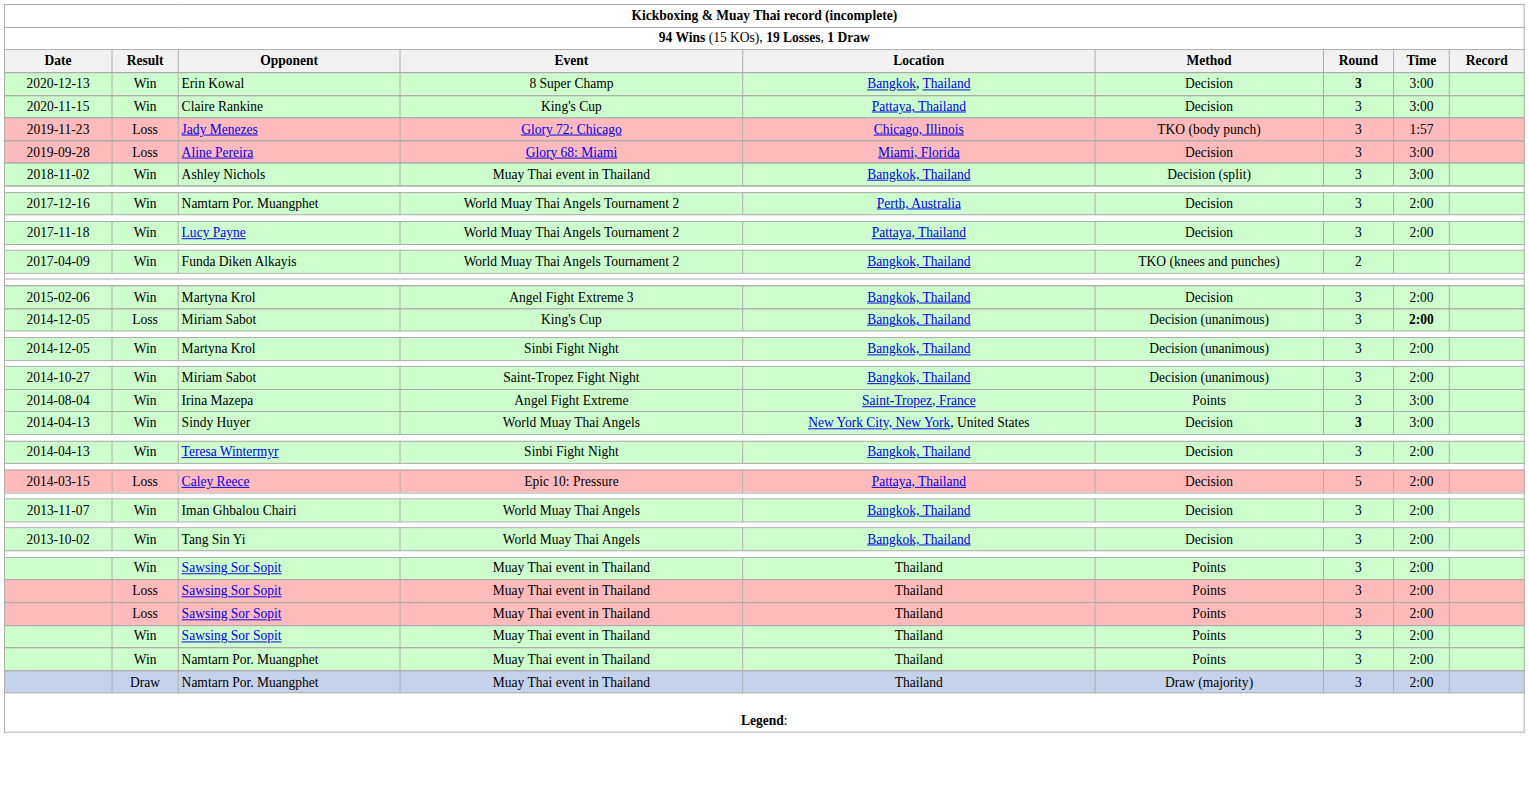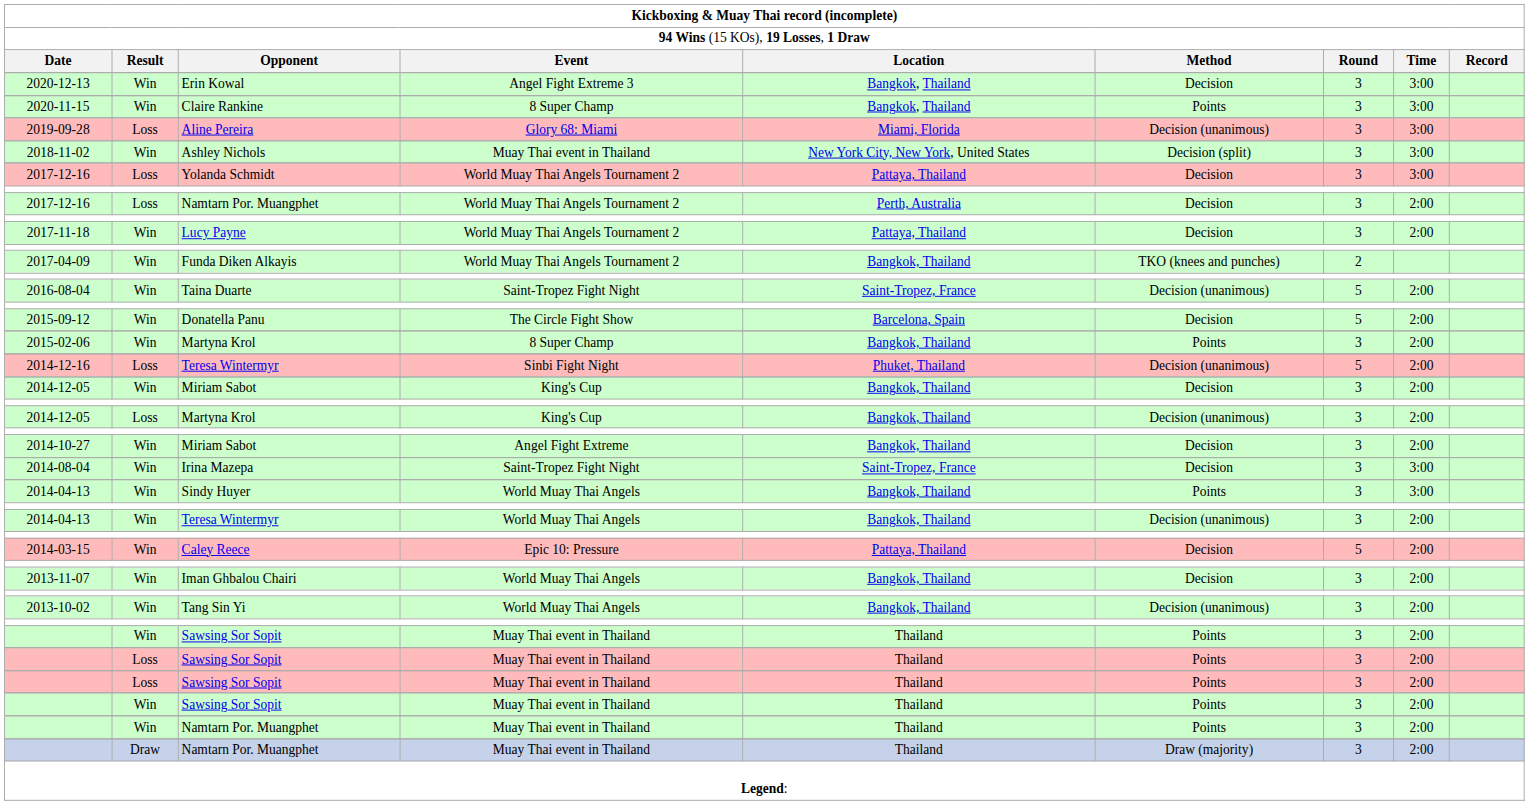 <table class="wikitable collapsible" style="font-size:88%; text-align:center; width:100%;">
 <tr>
 <th colspan=9 style="background:#fff">Kickboxing & Muay Thai record (incomplete)</th>
 </tr>
 <tr>
 <td colspan=9 style="background:#fff"><strong>94 Wins</strong> (15 KOs), <strong>19 Losses</strong>, <strong>1 Draw</strong></td>
 </tr>
 <tr>
 <th>Date</th>
 <th>Result</th>
 <th>Opponent</th>
 <th>Event</th>
 <th>Location</th>
 <th>Method</th>
 <th>Round</th>
 <th>Time</th>
 <th>Record</th>
 </tr>
 <tr>
 </tr>
 <tr style="text-align:center; background:#cfc;">
 <td>2020-12-13</td>
 <td>Win</td>
 <td align=left> Erin Kowal</td>
-<td>8 Super Champ</td>
+<td>Angel Fight Extreme 3</td>
 <td><a href='#'>Bangkok</a>, <a href='#'>Thailand</a></td>
 <td>Decision</td>
-<td><strong>3</strong></td>
+<td>3</td>
 <td>3:00</td>
 <td></td>
 </tr>
 <tr>
 </tr>
 <tr style="text-align:center; background:#cfc;">
 <td>2020-11-15</td>
 <td>Win</td>
 <td align=left> Claire Rankine</td>
-<td>King's Cup</td>
-<td><a href='#'>Pattaya, Thailand</a></td>
-<td>Decision</td>
+<td>8 Super Champ</td>
+<td><a href='#'>Bangkok</a>, <a href='#'>Thailand</a></td>
+<td>Points</td>
 <td>3</td>
 <td>3:00</td>
 <td></td>
 </tr>
 <tr>
 </tr>
 <tr>
-</tr>
-<tr style="text-align:center; background:#fbb;">
-<td>2019-11-23</td>
-<td>Loss</td>
-<td align=left> <a href='#'>Jady Menezes</a></td>
-<td><a href='#'>Glory 72: Chicago</a></td>
-<td><a href='#'>Chicago, Illinois</a></td>
-<td>TKO (body punch)</td>
-<td>3</td>
-<td>1:57</td>
-<td></td>
 </tr>
 <tr>
 </tr>
 <tr style="text-align:center; background:#fbb;">
 <td>2019-09-28</td>
 <td>Loss</td>
 <td align=left> <a href='#'>Aline Pereira</a></td>
 <td><a href='#'>Glory 68: Miami</a></td>
 <td><a href='#'>Miami, Florida</a></td>
-<td>Decision</td>
+<td>Decision (unanimous)</td>
 <td>3</td>
 <td>3:00</td>
 <td></td>
 </tr>
 <tr>
 </tr>
 <tr style="text-align:center; background:#cfc;">
 <td>2018-11-02</td>
 <td>Win</td>
 <td align=left> Ashley Nichols</td>
 <td>Muay Thai event in Thailand</td>
-<td><a href='#'>Bangkok, Thailand</a></td>
+<td><a href='#'>New York City, New York</a>, United States</td>
 <td>Decision (split)</td>
 <td>3</td>
 <td>3:00</td>
 <td></td>
 </tr>
 <tr>
 </tr>
+<tr style="text-align:center; background:#fbb;">
+<td>2017-12-16</td>
+<td>Loss</td>
+<td align=left> Yolanda Schmidt</td>
+<td>World Muay Thai Angels Tournament 2</td>
+<td><a href='#'>Pattaya, Thailand</a></td>
+<td>Decision</td>
+<td>3</td>
+<td>3:00</td>
+<td></td>
+</tr>
 <tr>
 <th style=background:white colspan=9></th>
 </tr>
 <tr style="text-align:center; background:#cfc;">
 <td>2017-12-16</td>
-<td>Win</td>
+<td>Loss</td>
 <td align=left> Namtarn Por. Muangphet</td>
 <td>World Muay Thai Angels Tournament 2</td>
 <td><a href='#'>Perth, Australia</a></td>
 <td>Decision</td>
 <td>3</td>
 <td>2:00</td>
 <td></td>
 </tr>
 <tr>
 <th style=background:white colspan=9></th>
 </tr>
 <tr style="text-align:center; background:#cfc;">
 <td>2017-11-18</td>
 <td>Win</td>
 <td align=left> <a href='#'>Lucy Payne</a></td>
 <td>World Muay Thai Angels Tournament 2</td>
 <td><a href='#'>Pattaya, Thailand</a></td>
 <td>Decision</td>
 <td>3</td>
 <td>2:00</td>
 <td></td>
 </tr>
 <tr>
 <th style=background:white colspan=9></th>
 </tr>
 <tr style="text-align:center; background:#cfc;">
 <td>2017-04-09</td>
 <td>Win</td>
 <td align=left> Funda Diken Alkayis</td>
 <td>World Muay Thai Angels Tournament 2</td>
 <td><a href='#'>Bangkok, Thailand</a></td>
 <td>TKO (knees and punches)</td>
 <td>2</td>
 <td></td>
 <td></td>
 </tr>
 <tr>
 <th style=background:white colspan=9></th>
 </tr>
+<tr style="text-align:center; background:#cfc;">
+<td>2016-08-04</td>
+<td>Win</td>
+<td align=left> Taina Duarte</td>
+<td>Saint-Tropez Fight Night</td>
+<td><a href='#'>Saint-Tropez, France</a></td>
+<td>Decision (unanimous)</td>
+<td>5</td>
+<td>2:00</td>
+<td></td>
+</tr>
 <tr>
 <th style=background:white colspan=9></th>
+</tr>
+<tr style="text-align:center; background:#cfc;">
+<td>2015-09-12</td>
+<td>Win</td>
+<td align=left> Donatella Panu</td>
+<td>The Circle Fight Show</td>
+<td><a href='#'>Barcelona, Spain</a></td>
+<td>Decision</td>
+<td>5</td>
+<td>2:00</td>
+<td></td>
 </tr>
 <tr>
 </tr>
 <tr style="text-align:center; background:#cfc;">
 <td>2015-02-06</td>
 <td>Win</td>
 <td align=left> Martyna Krol</td>
-<td>Angel Fight Extreme 3</td>
+<td>8 Super Champ</td>
+<td><a href='#'>Bangkok, Thailand</a></td>
+<td>Points</td>
+<td>3</td>
+<td>2:00</td>
+<td></td>
+</tr>
+<tr>
+</tr>
+<tr style="text-align:center; background:#fbb;">
+<td>2014-12-16</td>
+<td>Loss</td>
+<td align=left> <a href='#'>Teresa Wintermyr</a></td>
+<td>Sinbi Fight Night</td>
+<td><a href='#'>Phuket, Thailand</a></td>
+<td>Decision (unanimous)</td>
+<td>5</td>
+<td>2:00</td>
+<td></td>
+</tr>
+<tr>
+</tr>
+<tr style="text-align:center; background:#cfc;">
+<td>2014-12-05</td>
+<td>Win</td>
+<td align=left> Miriam Sabot</td>
+<td>King's Cup</td>
 <td><a href='#'>Bangkok, Thailand</a></td>
 <td>Decision</td>
 <td>3</td>
 <td>2:00</td>
 <td></td>
 </tr>
 <tr>
-</tr>
-<tr>
+<th style=background:white colspan=9></th>
 </tr>
 <tr style="text-align:center; background:#cfc;">
 <td>2014-12-05</td>
 <td>Loss</td>
-<td align=left> Miriam Sabot</td>
+<td align=left> Martyna Krol</td>
 <td>King's Cup</td>
-<td><a href='#'>Bangkok, Thailand</a></td>
-<td>Decision (unanimous)</td>
-<td>3</td>
-<td><strong>2:00</strong></td>
-<td></td>
-</tr>
-<tr>
-<th style=background:white colspan=9></th>
-</tr>
-<tr style="text-align:center; background:#cfc;">
-<td>2014-12-05</td>
-<td>Win</td>
-<td align=left> Martyna Krol</td>
-<td>Sinbi Fight Night</td>
 <td><a href='#'>Bangkok, Thailand</a></td>
 <td>Decision (unanimous)</td>
 <td>3</td>
 <td>2:00</td>
 <td></td>
 </tr>
 <tr>
 <th style=background:white colspan=9></th>
 </tr>
 <tr style="text-align:center; background:#cfc;">
 <td>2014-10-27</td>
 <td>Win</td>
 <td align=left> Miriam Sabot</td>
-<td>Saint-Tropez Fight Night</td>
+<td>Angel Fight Extreme</td>
 <td><a href='#'>Bangkok, Thailand</a></td>
-<td>Decision (unanimous)</td>
+<td>Decision</td>
 <td>3</td>
 <td>2:00</td>
 <td></td>
 </tr>
 <tr>
 </tr>
 <tr style="text-align:center; background:#cfc;">
 <td>2014-08-04</td>
 <td>Win</td>
 <td align=left> Irina Mazepa</td>
-<td>Angel Fight Extreme</td>
+<td>Saint-Tropez Fight Night</td>
 <td><a href='#'>Saint-Tropez, France</a></td>
-<td>Points</td>
+<td>Decision</td>
 <td>3</td>
 <td>3:00</td>
 <td></td>
 </tr>
 <tr>
 </tr>
 <tr style="text-align:center; background:#cfc;">
 <td>2014-04-13</td>
 <td>Win</td>
 <td align=left> Sindy Huyer</td>
 <td>World Muay Thai Angels</td>
-<td><a href='#'>New York City, New York</a>, United States</td>
-<td>Decision</td>
-<td><strong>3</strong></td>
+<td><a href='#'>Bangkok, Thailand</a></td>
+<td>Points</td>
+<td>3</td>
 <td>3:00</td>
 <td></td>
 </tr>
 <tr>
 <th style=background:white colspan=9></th>
 </tr>
 <tr style="text-align:center; background:#cfc;">
 <td>2014-04-13</td>
 <td>Win</td>
 <td align=left> <a href='#'>Teresa Wintermyr</a></td>
-<td>Sinbi Fight Night</td>
+<td>World Muay Thai Angels</td>
 <td><a href='#'>Bangkok, Thailand</a></td>
-<td>Decision</td>
+<td>Decision (unanimous)</td>
 <td>3</td>
 <td>2:00</td>
 <td></td>
 </tr>
 <tr>
 <th style=background:white colspan=9></th>
 </tr>
 <tr align="center" bgcolor="#fbb">
 <td>2014-03-15</td>
-<td>Loss</td>
+<td>Win</td>
 <td align=left> <a href='#'>Caley Reece</a></td>
 <td>Epic 10: Pressure</td>
 <td><a href='#'>Pattaya, Thailand</a></td>
 <td>Decision</td>
 <td>5</td>
 <td>2:00</td>
 <td></td>
 </tr>
 <tr>
 <th style=background:white colspan=9></th>
 </tr>
 <tr style="text-align:center; background:#cfc;">
 <td>2013-11-07</td>
 <td>Win</td>
 <td align=left> Iman Ghbalou Chairi</td>
 <td>World Muay Thai Angels</td>
 <td><a href='#'>Bangkok, Thailand</a></td>
 <td>Decision</td>
 <td>3</td>
 <td>2:00</td>
 <td></td>
 </tr>
 <tr>
 <th style=background:white colspan=9></th>
 </tr>
 <tr style="text-align:center; background:#cfc;">
 <td>2013-10-02</td>
 <td>Win</td>
 <td align=left> Tang Sin Yi</td>
 <td>World Muay Thai Angels</td>
 <td><a href='#'>Bangkok, Thailand</a></td>
-<td>Decision</td>
+<td>Decision (unanimous)</td>
 <td>3</td>
 <td>2:00</td>
 <td></td>
 </tr>
 <tr>
 <th style=background:white colspan=9></th>
 </tr>
 <tr style="text-align:center; background:#cfc;">
 <td></td>
 <td>Win</td>
 <td align=left> <a href='#'>Sawsing Sor Sopit</a></td>
 <td>Muay Thai event in Thailand</td>
 <td>Thailand</td>
 <td>Points</td>
 <td>3</td>
 <td>2:00</td>
 <td></td>
 </tr>
 <tr>
 </tr>
 <tr style="text-align:center; background:#fbb;">
 <td></td>
 <td>Loss</td>
 <td align=left> <a href='#'>Sawsing Sor Sopit</a></td>
 <td>Muay Thai event in Thailand</td>
 <td>Thailand</td>
 <td>Points</td>
 <td>3</td>
 <td>2:00</td>
 <td></td>
 </tr>
 <tr>
 </tr>
 <tr style="text-align:center; background:#fbb;">
 <td></td>
 <td>Loss</td>
 <td align=left> <a href='#'>Sawsing Sor Sopit</a></td>
 <td>Muay Thai event in Thailand</td>
 <td>Thailand</td>
 <td>Points</td>
 <td>3</td>
 <td>2:00</td>
 <td></td>
 </tr>
 <tr>
 </tr>
 <tr style="text-align:center; background:#cfc;">
 <td></td>
 <td>Win</td>
 <td align=left> <a href='#'>Sawsing Sor Sopit</a></td>
 <td>Muay Thai event in Thailand</td>
 <td>Thailand</td>
 <td>Points</td>
 <td>3</td>
 <td>2:00</td>
 <td></td>
 </tr>
 <tr>
 </tr>
 <tr style="text-align:center; background:#cfc;">
 <td></td>
 <td>Win</td>
 <td align=left> Namtarn Por. Muangphet</td>
 <td>Muay Thai event in Thailand</td>
 <td>Thailand</td>
 <td>Points</td>
 <td>3</td>
 <td>2:00</td>
 <td></td>
 </tr>
 <tr>
 </tr>
 <tr style="text-align:center; background:#c5d2ea;">
 <td></td>
 <td>Draw</td>
 <td align=left> Namtarn Por. Muangphet</td>
 <td>Muay Thai event in Thailand</td>
 <td>Thailand</td>
 <td>Draw (majority)</td>
 <td>3</td>
 <td>2:00</td>
 <td></td>
 </tr>
 <tr>
 <td colspan=9 style="background:#fff"><br><strong>Legend</strong>:    </td>
 </tr>
 </table>
